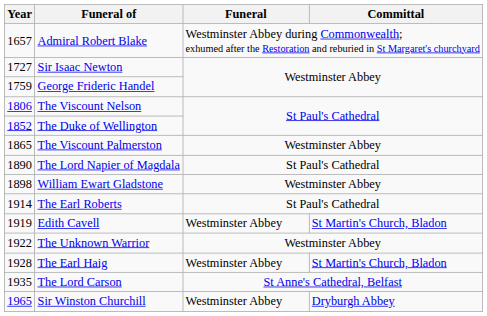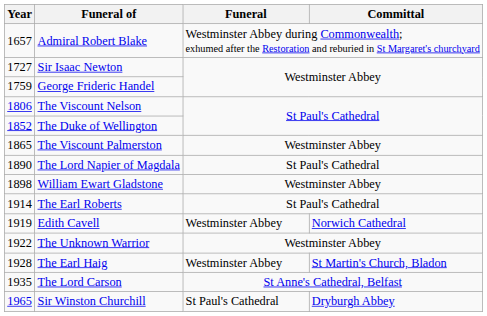 <table class="wikitable">
 <tr>
 <th>Year</th>
 <th>Funeral of</th>
 <th>Funeral</th>
 <th>Committal</th>
 </tr>
 <tr>
 <td>1657</td>
 <td><a href='#'>Admiral Robert Blake</a></td>
 <td colspan=2>Westminster Abbey during <a href='#'>Commonwealth</a>;<br><small>exhumed after the <a href='#'>Restoration</a> and reburied in <a href='#'>St Margaret's churchyard</a></small></td>
 </tr>
 <tr>
 <td>1727</td>
 <td><a href='#'>Sir Isaac Newton</a></td>
 <td rowspan="2" colspan=2 style="text-align:center;">Westminster Abbey</td>
 </tr>
 <tr>
 <td>1759</td>
 <td><a href='#'>George Frideric Handel</a></td>
 </tr>
 <tr>
 <td><a href='#'>1806</a></td>
 <td><a href='#'>The Viscount Nelson</a></td>
 <td rowspan="2" colspan=2 style="text-align:center;"><a href='#'>St Paul's Cathedral</a></td>
 </tr>
 <tr>
 <td><a href='#'>1852</a></td>
 <td><a href='#'>The Duke of Wellington</a></td>
 </tr>
 <tr>
 <td>1865</td>
 <td><a href='#'>The Viscount Palmerston</a></td>
 <td colspan=2 style="text-align:center;">Westminster Abbey</td>
 </tr>
 <tr>
 <td>1890</td>
 <td><a href='#'>The Lord Napier of Magdala</a></td>
 <td colspan=2 style="text-align:center;">St Paul's Cathedral</td>
 </tr>
 <tr>
 <td>1898</td>
 <td><a href='#'>William Ewart Gladstone</a></td>
 <td colspan=2 style="text-align:center;">Westminster Abbey</td>
 </tr>
 <tr>
 <td>1914</td>
 <td><a href='#'>The Earl Roberts</a></td>
 <td colspan=2 style="text-align:center;">St Paul's Cathedral</td>
 </tr>
 <tr>
 <td>1919</td>
 <td><a href='#'>Edith Cavell</a></td>
 <td>Westminster Abbey</td>
-<td><a href='#'>St Martin's Church, Bladon</a></td>
+<td><a href='#'>Norwich Cathedral</a></td>
 </tr>
 <tr>
 <td>1922</td>
 <td><a href='#'>The Unknown Warrior</a></td>
 <td colspan=2 style="text-align:center;">Westminster Abbey</td>
 </tr>
 <tr>
 <td>1928</td>
 <td><a href='#'>The Earl Haig</a></td>
 <td>Westminster Abbey</td>
 <td><a href='#'>St Martin's Church, Bladon</a></td>
 </tr>
 <tr>
 <td>1935</td>
 <td><a href='#'>The Lord Carson</a></td>
 <td colspan=2 style="text-align:center;"><a href='#'>St Anne's Cathedral, Belfast</a></td>
 </tr>
 <tr>
 <td><a href='#'>1965</a></td>
 <td><a href='#'>Sir Winston Churchill</a></td>
-<td>Westminster Abbey</td>
+<td>St Paul's Cathedral</td>
 <td><a href='#'>Dryburgh Abbey</a></td>
 </tr>
 </table>
